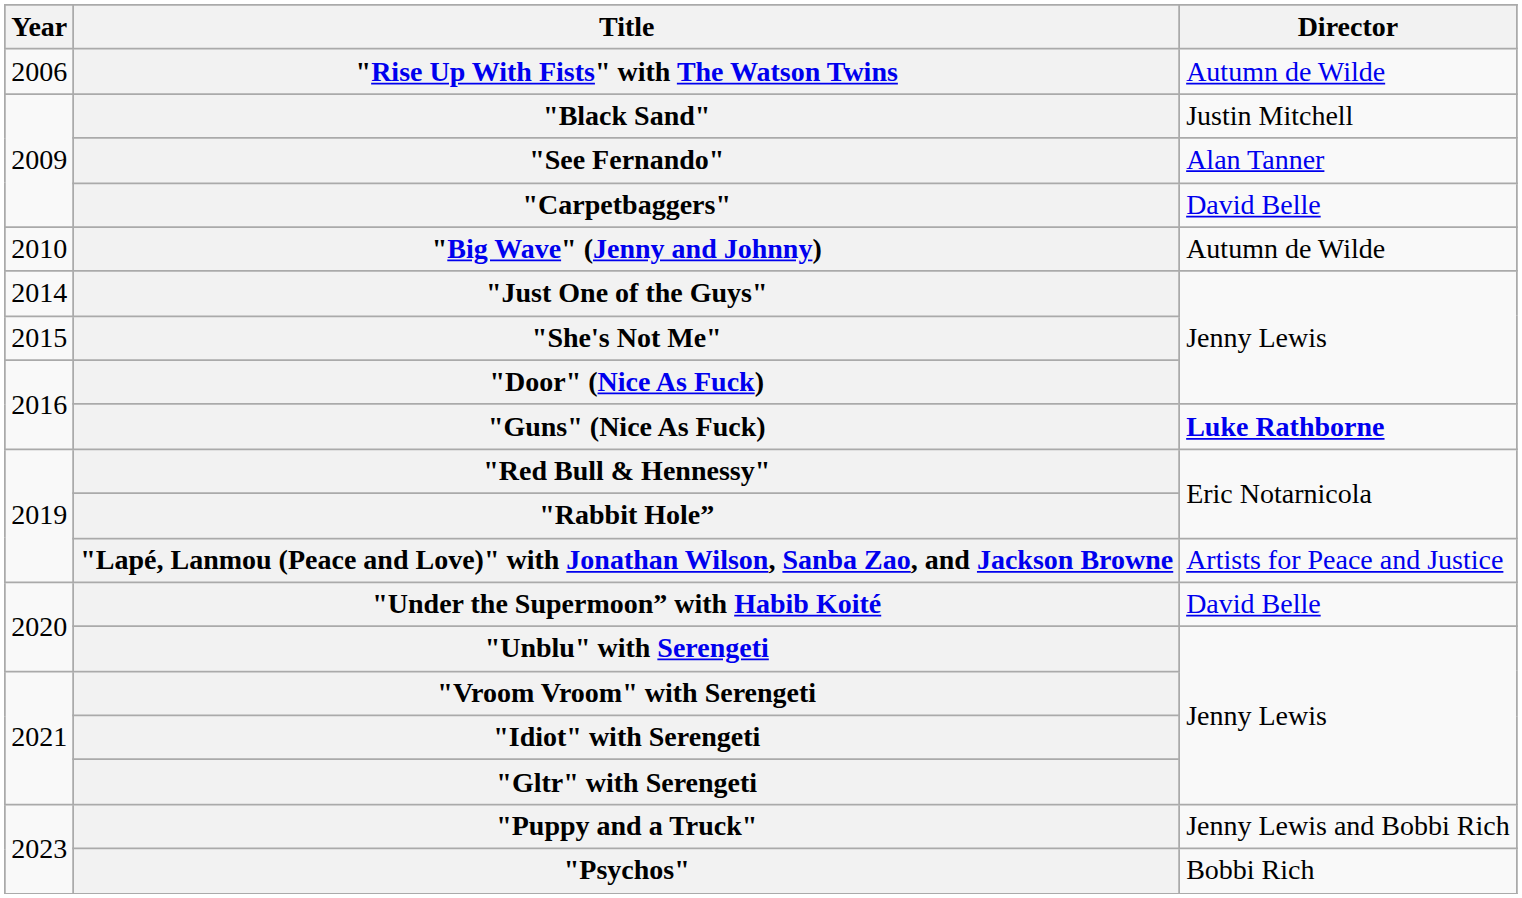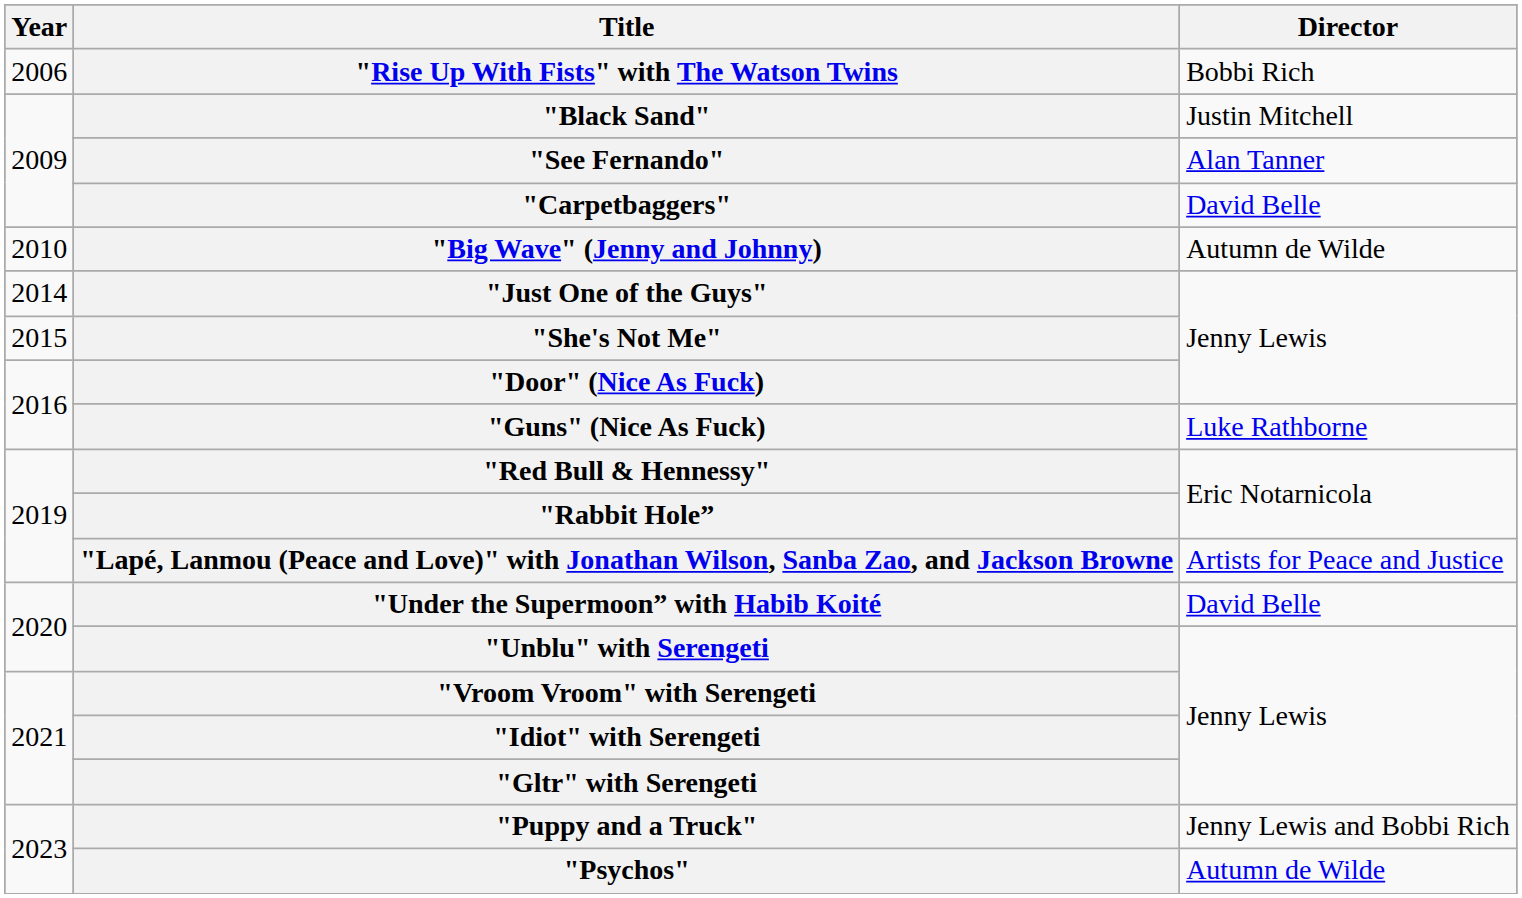 <table class="wikitable plainrowheaders">
 <tr>
 <th scope="col">Year</th>
 <th scope="col">Title</th>
 <th scope="col">Director</th>
 </tr>
 <tr>
 <td style="text-align:center;">2006</td>
 <th scope="row">"<a href='#'>Rise Up With Fists</a>" with <a href='#'>The Watson Twins</a></th>
-<td><a href='#'>Autumn de Wilde</a></td>
+<td>Bobbi Rich</td>
 </tr>
 <tr>
 <td rowspan="3" style="text-align:center;">2009</td>
 <th scope="row">"Black Sand"</th>
 <td>Justin Mitchell</td>
 </tr>
 <tr>
 <th scope="row">"See Fernando"</th>
 <td><a href='#'>Alan Tanner</a></td>
 </tr>
 <tr>
 <th scope="row">"Carpetbaggers"</th>
 <td><a href='#'>David Belle</a></td>
 </tr>
 <tr>
 <td style="text-align:center;">2010</td>
 <th scope="row">"<a href='#'>Big Wave</a>" (<a href='#'>Jenny and Johnny</a>)</th>
 <td>Autumn de Wilde</td>
 </tr>
 <tr>
 <td style="text-align:center;">2014</td>
 <th scope="row">"Just One of the Guys"</th>
 <td rowspan="3">Jenny Lewis</td>
 </tr>
 <tr>
 <td style="text-align:center;">2015</td>
 <th scope="row">"She's Not Me"</th>
 </tr>
 <tr>
 <td rowspan="2" style="text-align:center;">2016</td>
 <th scope="row">"Door" (<a href='#'>Nice As Fuck</a>)</th>
 </tr>
 <tr>
 <th scope="row">"Guns" (Nice As Fuck)</th>
-<td><strong><a href='#'>Luke Rathborne</a></strong></td>
+<td><a href='#'>Luke Rathborne</a></td>
 </tr>
 <tr>
 <td rowspan="3" style="text-align:center;">2019</td>
 <th scope="row">"Red Bull & Hennessy"</th>
 <td rowspan="2”">Eric Notarnicola</td>
 </tr>
 <tr>
 <th scope="row">"Rabbit Hole”</th>
 </tr>
 <tr>
 <th scope="row">"Lapé, Lanmou (Peace and Love)" with <a href='#'>Jonathan Wilson</a>, <a href='#'>Sanba Zao</a>, and <a href='#'>Jackson Browne</a></th>
 <td><a href='#'>Artists for Peace and Justice</a></td>
 </tr>
 <tr>
 <td rowspan="2" style="text-align:center;">2020</td>
 <th scope="row">"Under the Supermoon” with <a href='#'>Habib Koité</a></th>
 <td><a href='#'>David Belle</a></td>
 </tr>
 <tr>
 <th scope="row">"Unblu" with <a href='#'>Serengeti</a></th>
 <td rowspan="4”">Jenny Lewis</td>
 </tr>
 <tr>
 <td rowspan="3" style="text-align:center;">2021</td>
 <th scope="row">"Vroom Vroom" with Serengeti</th>
 </tr>
 <tr>
 <th scope="row">"Idiot" with Serengeti</th>
 </tr>
 <tr>
 <th scope="row">"Gltr" with Serengeti</th>
 </tr>
 <tr>
 <td rowspan="2" style="text-align:center;">2023</td>
 <th scope="row">"Puppy and a Truck"</th>
 <td>Jenny Lewis and Bobbi Rich</td>
 </tr>
 <tr>
 <th scope="row">"Psychos"</th>
-<td>Bobbi Rich</td>
+<td><a href='#'>Autumn de Wilde</a></td>
 </tr>
 </table>
